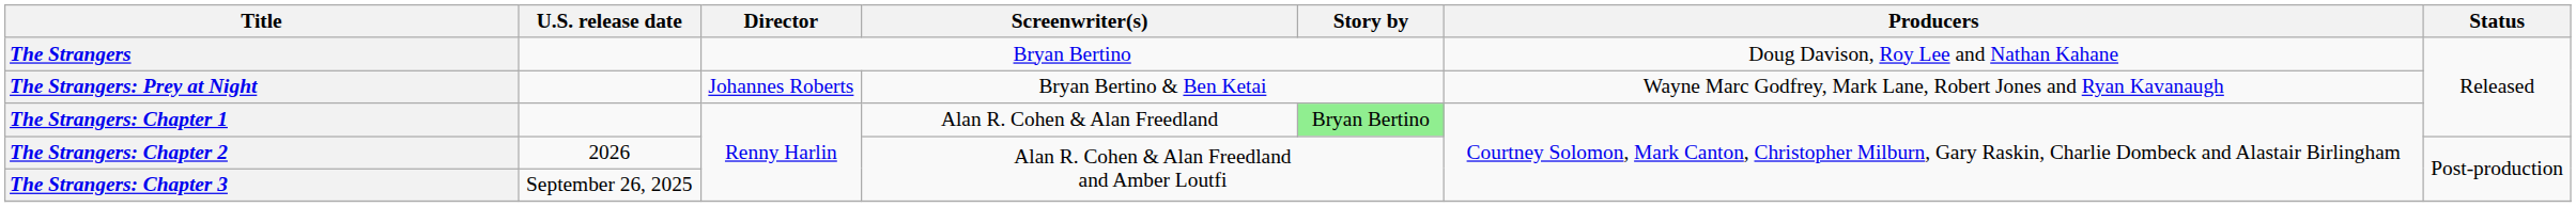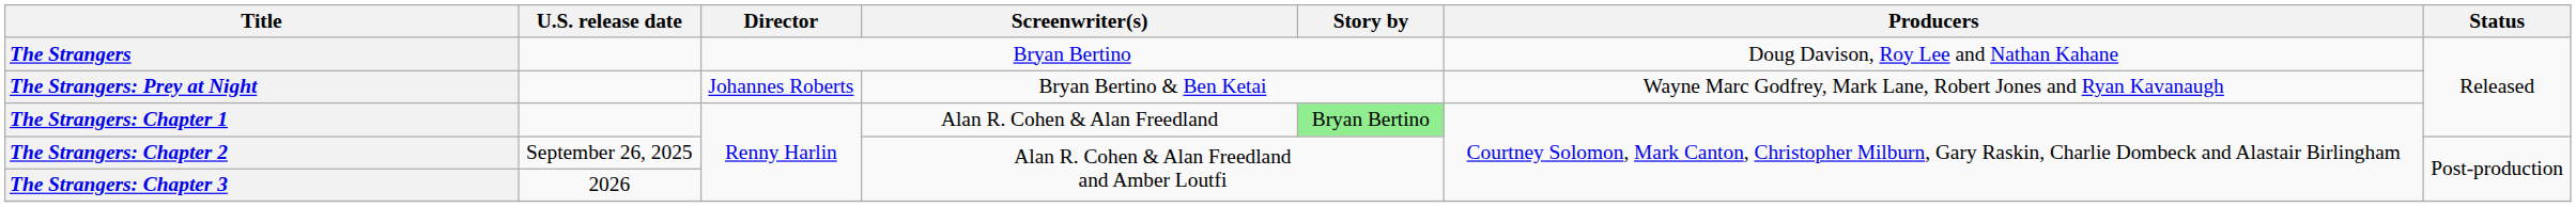 <table class="wikitable plainrowheaders" style="text-align:center" width=100%>
 <tr>
 <th scope="col" style="width:20%;">Title</th>
 <th scope="col">U.S. release date</th>
 <th scope="col">Director</th>
 <th scope="col" style="width:17%;">Screenwriter(s)</th>
 <th scope="col">Story by</th>
 <th scope="col">Producers</th>
 <th scope="col">Status</th>
 </tr>
 <tr>
 <th scope="row" style="text-align:left"><em><a href='#'>The Strangers</a></em></th>
 <td style="text-align:center"></td>
 <td colspan="3"><a href='#'>Bryan Bertino</a></td>
 <td>Doug Davison, <a href='#'>Roy Lee</a> and <a href='#'>Nathan Kahane</a></td>
 <td rowspan="3">Released</td>
 </tr>
 <tr>
 <th scope="row" style="text-align:left"><em><a href='#'>The Strangers: Prey at Night</a></em></th>
 <td></td>
 <td><a href='#'>Johannes Roberts</a></td>
 <td colspan="2">Bryan Bertino & <a href='#'>Ben Ketai</a></td>
 <td>Wayne Marc Godfrey, Mark Lane, Robert Jones and <a href='#'>Ryan Kavanaugh</a></td>
 </tr>
 <tr>
 <th scope="row" style="text-align:left"><em><a href='#'>The Strangers: Chapter 1</a></em></th>
 <td></td>
 <td rowspan="3"><a href='#'>Renny Harlin</a></td>
 <td>Alan R. Cohen & Alan Freedland</td>
 <td style="background: lightgreen;">Bryan Bertino</td>
 <td rowspan="3"><a href='#'>Courtney Solomon</a>, <a href='#'>Mark Canton</a>, <a href='#'>Christopher Milburn</a>, Gary Raskin, Charlie Dombeck and Alastair Birlingham</td>
 </tr>
 <tr>
 <th scope="row" style="text-align:left"><em><a href='#'>The Strangers: Chapter 2</a></em></th>
-<td>2026</td>
+<td>September 26, 2025</td>
 <td colspan="2" rowspan="2">Alan R. Cohen & Alan Freedland <br>and Amber Loutfi</td>
 <td rowspan="2">Post-production</td>
 </tr>
 <tr>
 <th scope="row" style="text-align:left"><em><a href='#'>The Strangers: Chapter 3</a></em></th>
-<td>September 26, 2025</td>
+<td>2026</td>
 </tr>
 <tr>
 </tr>
 </table>
